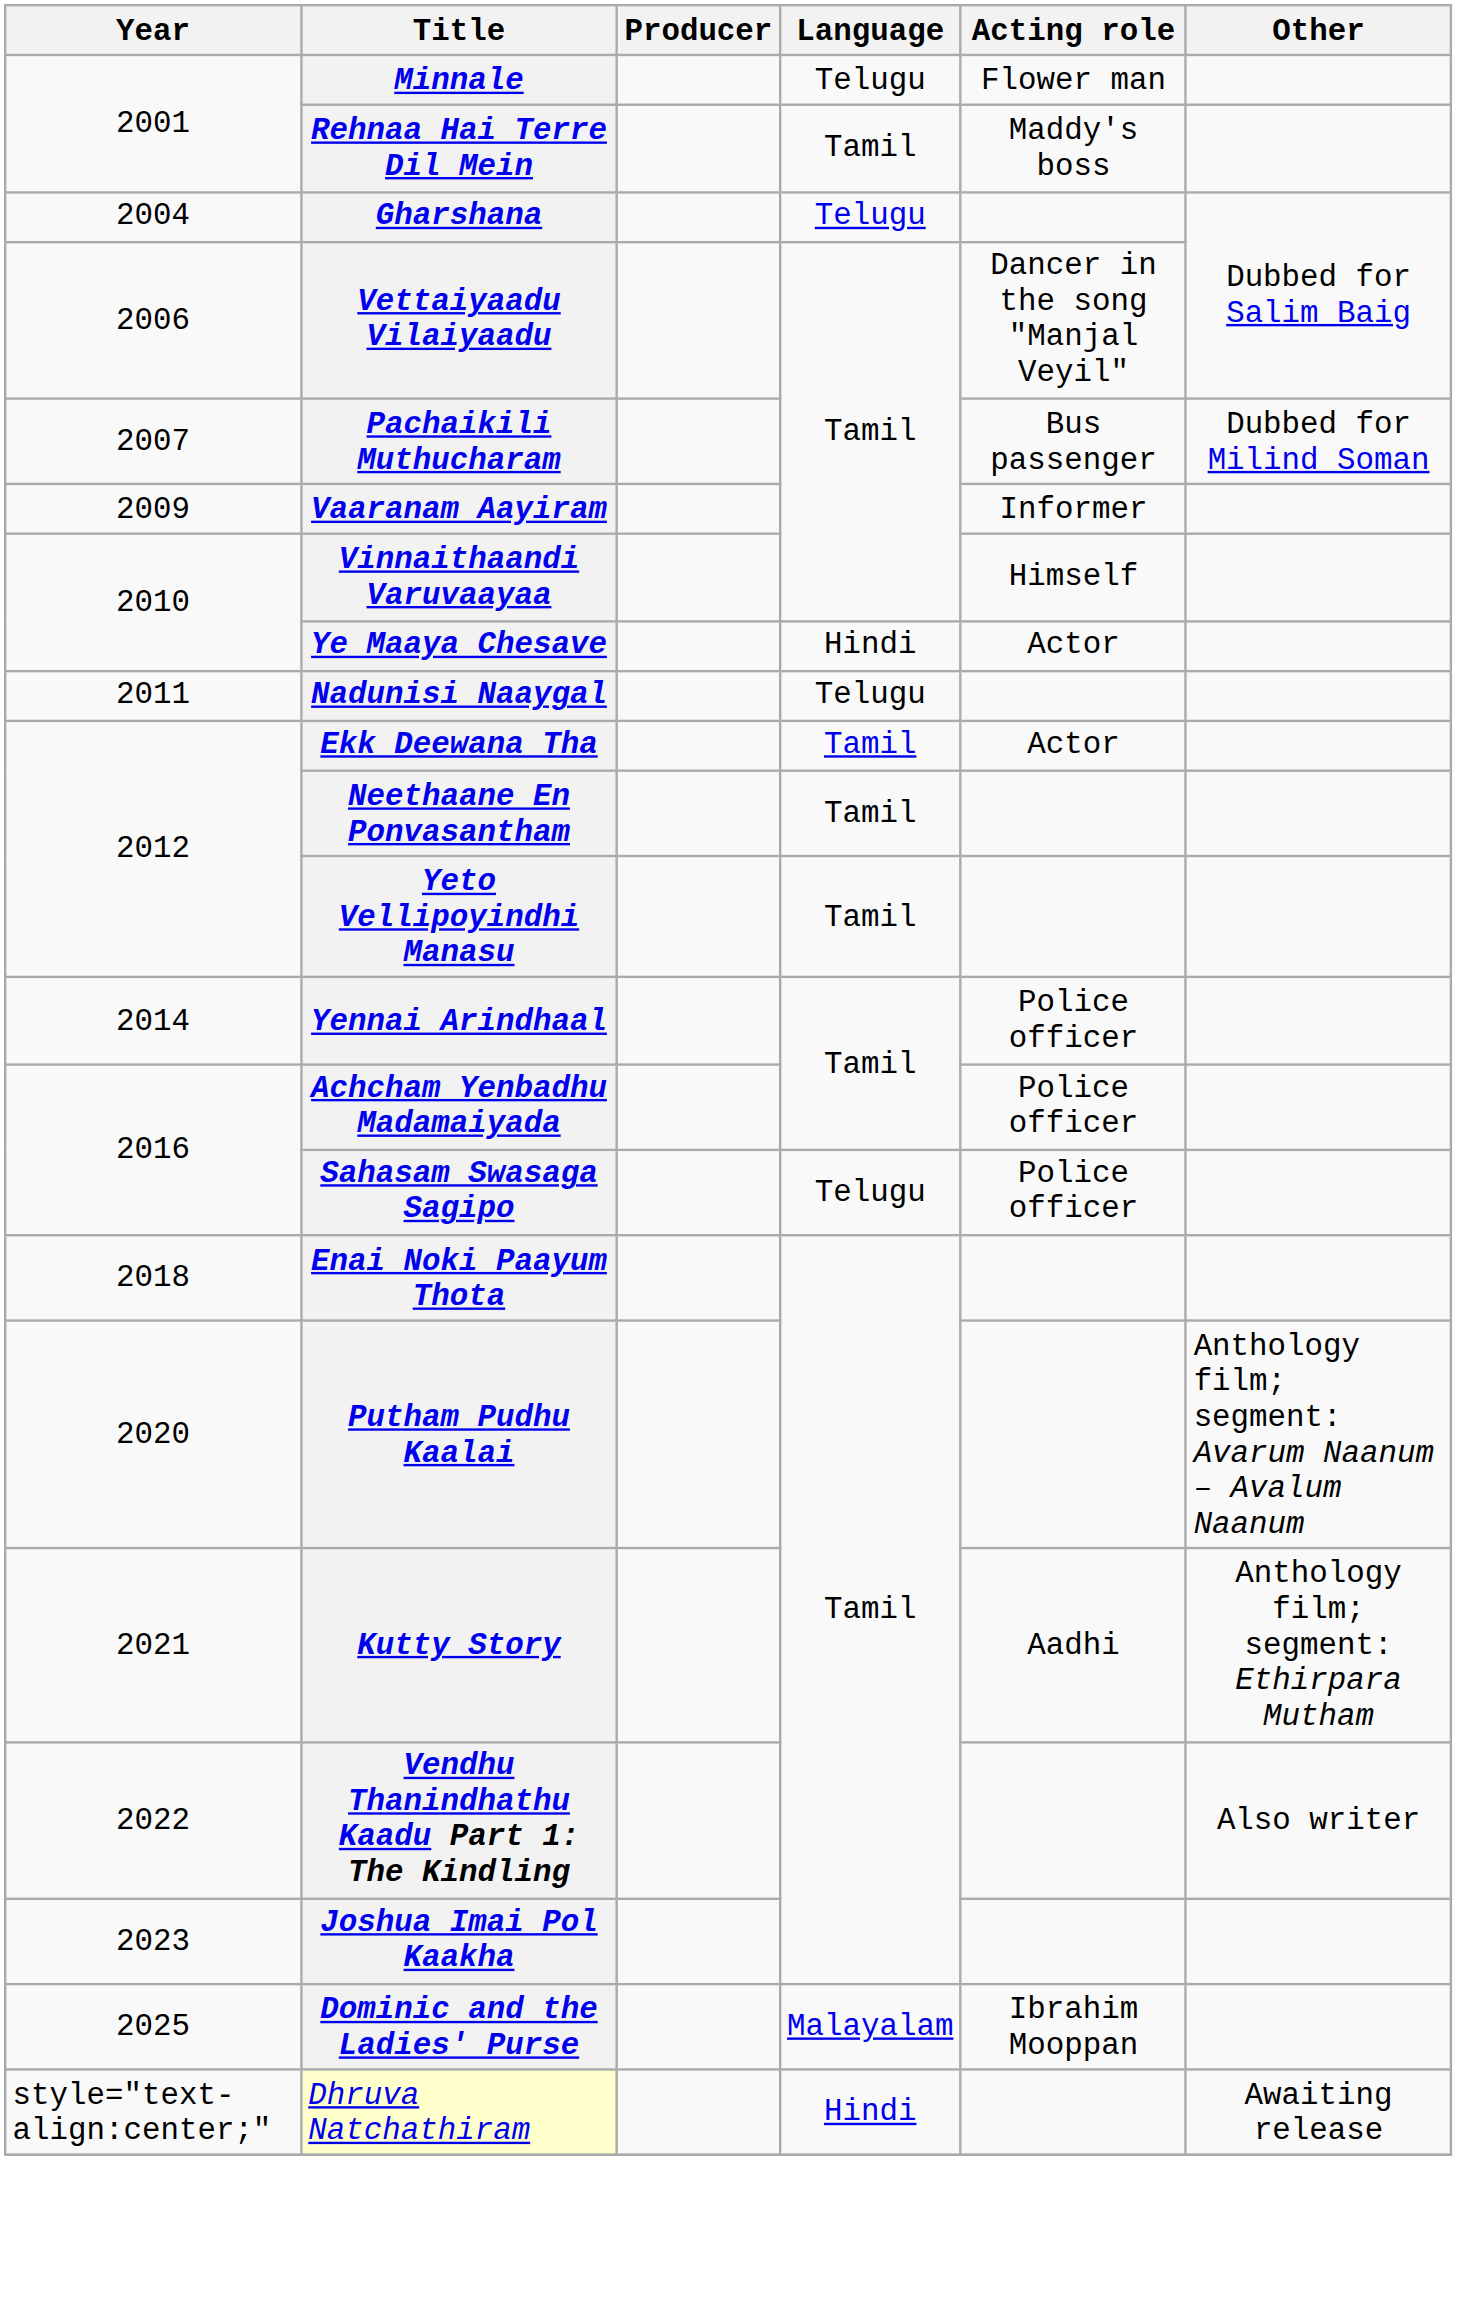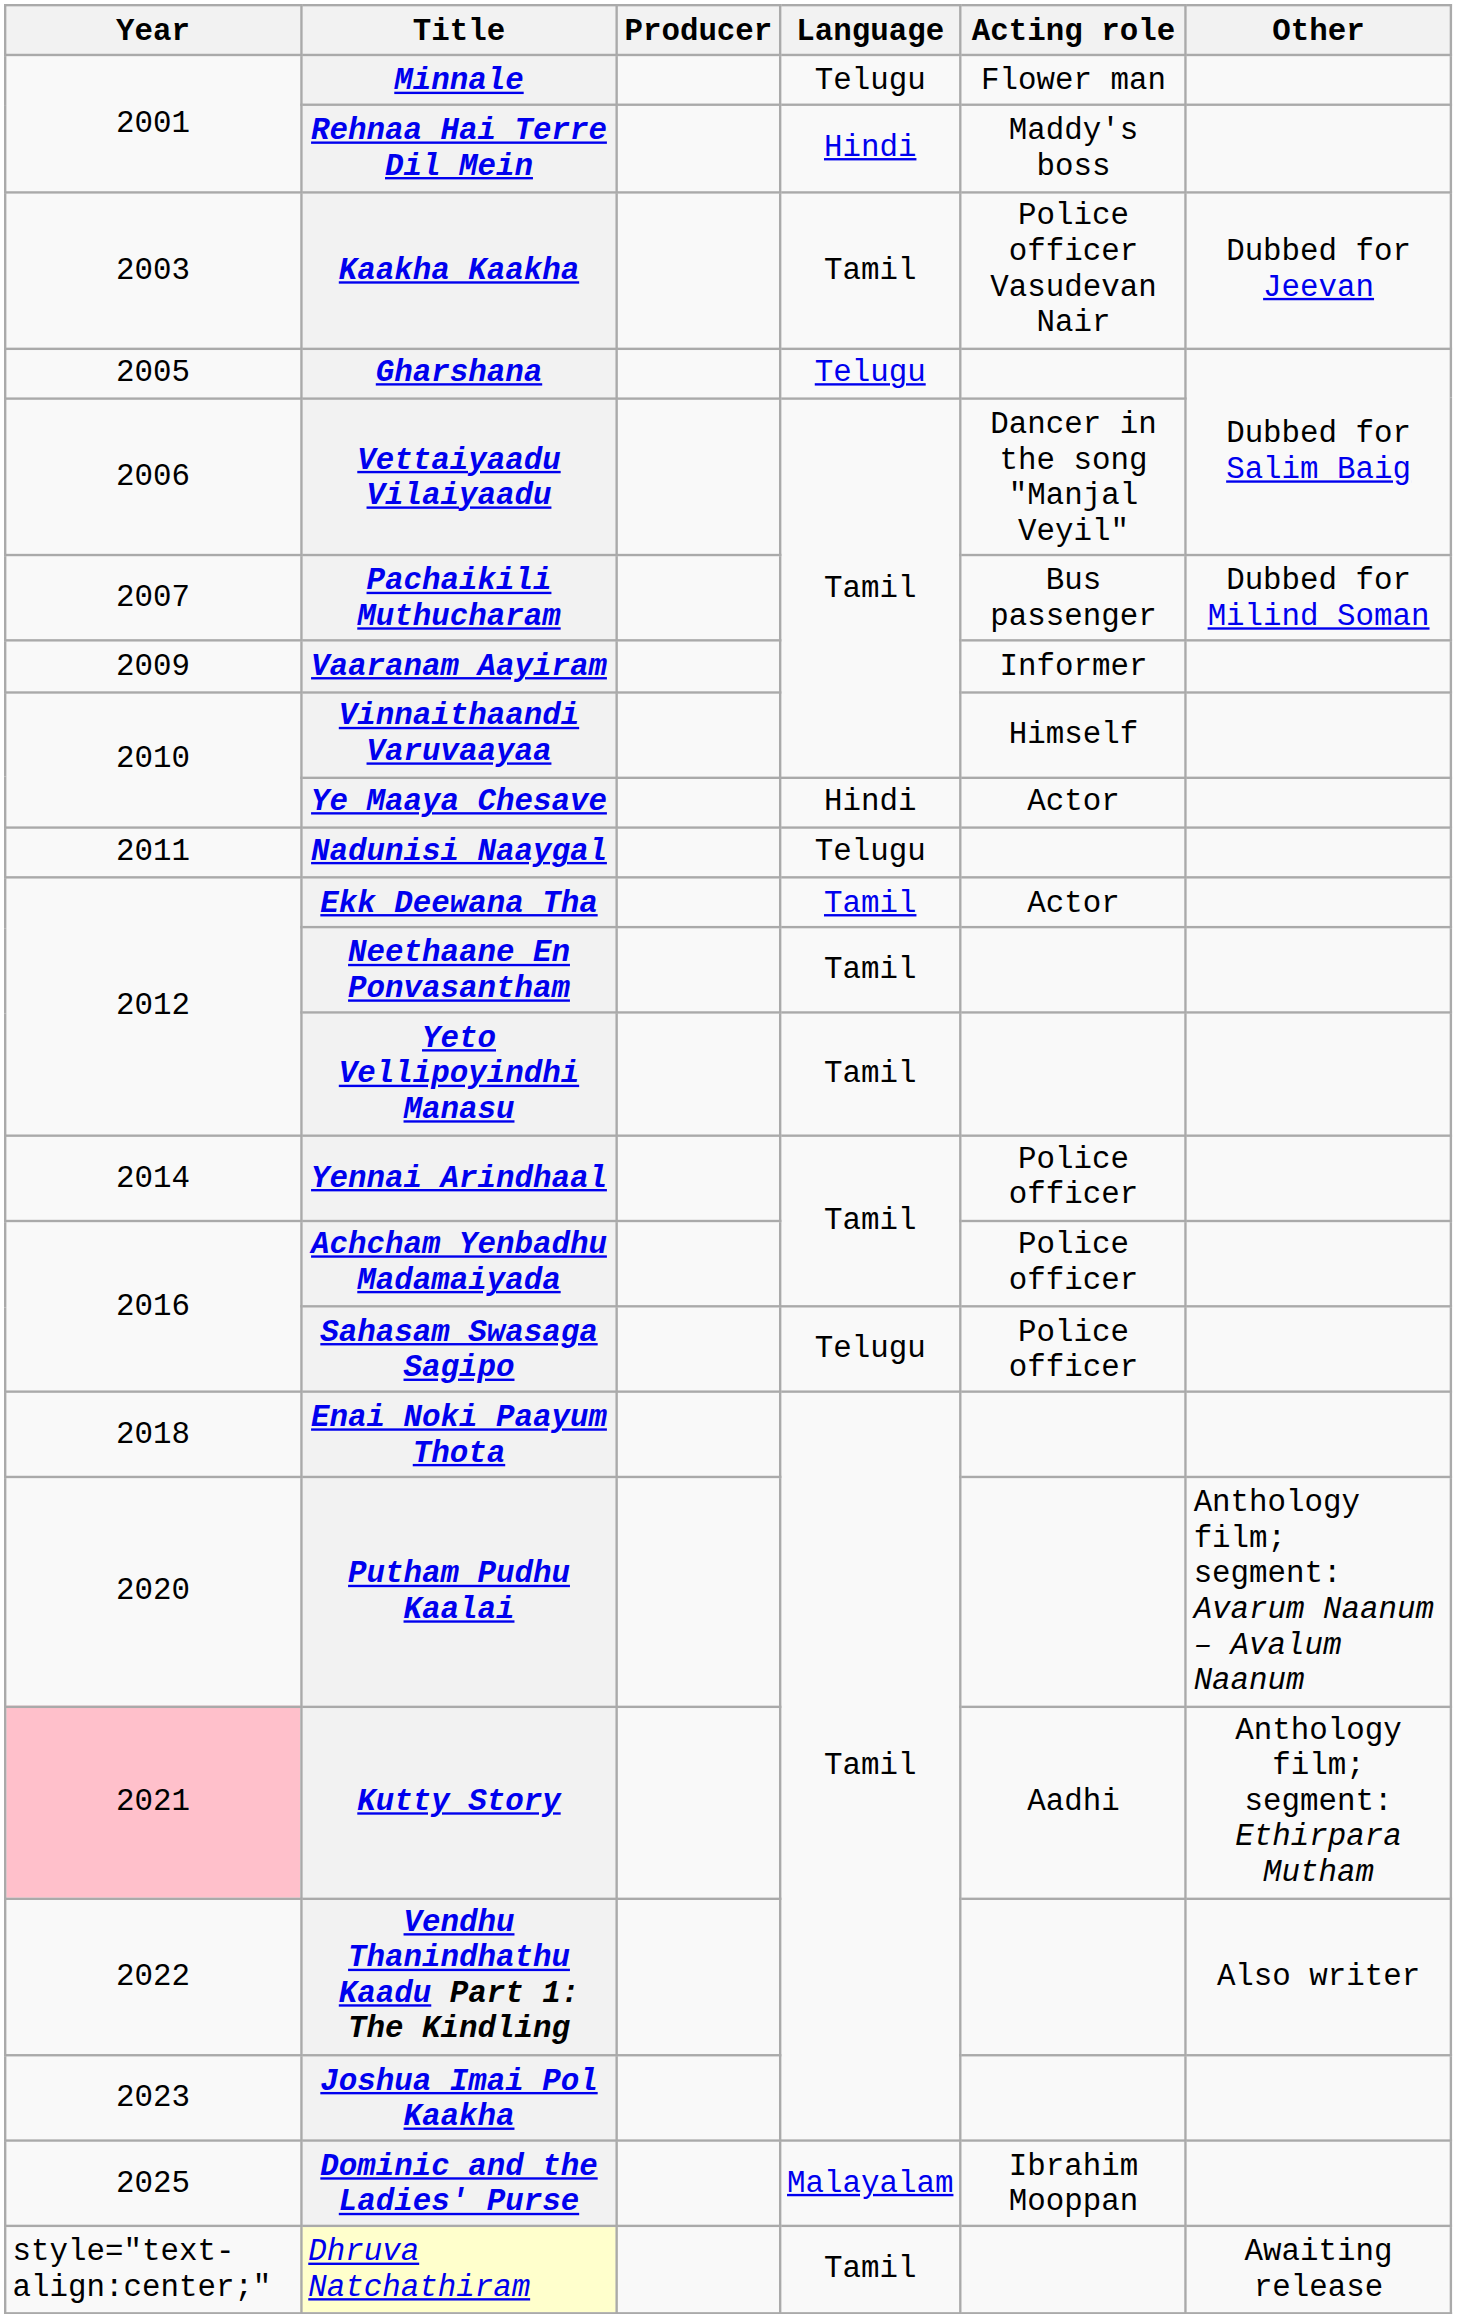 <table class="wikitable plainrowheaders sortable">
 <tr>
 <th scope="col">Year</th>
 <th scope="col">Title</th>
 <th scope="col">Producer</th>
 <th scope="col">Language</th>
 <th scope="col">Acting role</th>
 <th scope="col" class="unsortable">Other</th>
 </tr>
 <tr>
 <td rowspan="2" style="text-align:center;">2001</td>
 <th scope="row"><em><a href='#'>Minnale</a></em></th>
 <td></td>
 <td style="text-align:center;">Telugu</td>
 <td style="text-align:center;">Flower man</td>
 <td></td>
 </tr>
 <tr>
 <th scope="row"><em><a href='#'>Rehnaa Hai Terre Dil Mein</a></em></th>
 <td></td>
-<td style="text-align:center;">Tamil</td>
+<td style="text-align:center;"><a href='#'>Hindi</a></td>
 <td style="text-align:center;">Maddy's boss</td>
 <td></td>
 </tr>
 <tr>
-<td style="text-align:center;">2004</td>
+<td style="text-align:center;">2003</td>
+<th scope="row"><em><a href='#'>Kaakha Kaakha</a></em></th>
+<td></td>
+<td style="text-align:center;">Tamil</td>
+<td style="text-align:center;">Police officer Vasudevan Nair</td>
+<td style="text-align:center;">Dubbed for <a href='#'>Jeevan</a></td>
+</tr>
+<tr>
+<td style="text-align:center;">2005</td>
 <th scope="row"><em><a href='#'>Gharshana</a></em></th>
 <td></td>
 <td style="text-align:center;"><a href='#'>Telugu</a></td>
 <td></td>
 <td rowspan="2" style="text-align:center;">Dubbed for <a href='#'>Salim Baig</a></td>
 </tr>
 <tr>
 <td style="text-align:center;">2006</td>
 <th scope="row"><em><a href='#'>Vettaiyaadu Vilaiyaadu</a></em></th>
 <td></td>
 <td rowspan="4" style="text-align:center;">Tamil</td>
 <td style="text-align:center;">Dancer in the song "Manjal Veyil"</td>
 </tr>
 <tr>
 <td style="text-align:center;">2007</td>
 <th scope="row"><em><a href='#'>Pachaikili Muthucharam</a></em></th>
 <td></td>
 <td style="text-align:center;">Bus passenger</td>
 <td style="text-align:center;">Dubbed for <a href='#'>Milind Soman</a></td>
 </tr>
 <tr>
 <td style="text-align:center;">2009</td>
 <th scope="row"><em><a href='#'>Vaaranam Aayiram</a></em></th>
 <td></td>
 <td style="text-align:center;">Informer</td>
 <td></td>
 </tr>
 <tr>
 <td rowspan="2" style="text-align:center;">2010</td>
 <th scope="row"><em><a href='#'>Vinnaithaandi Varuvaayaa</a></em></th>
 <td></td>
 <td style="text-align:center;">Himself</td>
 <td style="text-align:center;"></td>
 </tr>
 <tr>
 <th scope="row"><em><a href='#'>Ye Maaya Chesave</a></em></th>
 <td></td>
 <td style="text-align:center;">Hindi</td>
 <td style="text-align:center;">Actor</td>
 <td></td>
 </tr>
 <tr>
 <td style="text-align:center;">2011</td>
 <th scope="row"><em><a href='#'>Nadunisi Naaygal</a></em></th>
 <td></td>
 <td style="text-align:center;">Telugu</td>
 <td></td>
 <td></td>
 </tr>
 <tr>
 <td rowspan="3" style="text-align:center;">2012</td>
 <th scope="row"><em><a href='#'>Ekk Deewana Tha</a></em></th>
 <td></td>
 <td style="text-align:center;"><a href='#'>Tamil</a></td>
 <td style="text-align:center;">Actor</td>
 <td></td>
 </tr>
 <tr>
 <th scope="row"><em><a href='#'>Neethaane En Ponvasantham</a></em></th>
 <td></td>
 <td style="text-align:center;">Tamil</td>
 <td></td>
 <td></td>
 </tr>
 <tr>
 <th scope="row"><em><a href='#'>Yeto Vellipoyindhi Manasu</a></em></th>
 <td></td>
 <td style="text-align:center;">Tamil</td>
 <td></td>
 <td></td>
 </tr>
 <tr>
 <td style="text-align:center;">2014</td>
 <th scope="row"><em><a href='#'>Yennai Arindhaal</a></em></th>
 <td></td>
 <td rowspan="2" style="text-align:center;">Tamil</td>
 <td style="text-align:center;">Police officer</td>
 <td></td>
 </tr>
 <tr>
 <td rowspan="2" style="text-align:center;">2016</td>
 <th scope="row"><em><a href='#'>Achcham Yenbadhu Madamaiyada</a></em></th>
 <td></td>
 <td style="text-align:center;">Police officer</td>
 <td></td>
 </tr>
 <tr>
 <th scope="row"><em><a href='#'>Sahasam Swasaga Sagipo</a></em></th>
 <td></td>
 <td style="text-align:center;">Telugu</td>
 <td style="text-align:center;">Police officer</td>
 <td></td>
 </tr>
 <tr>
 <td style="text-align:center;">2018</td>
 <th scope="row"><em><a href='#'>Enai Noki Paayum Thota</a></em></th>
 <td></td>
 <td rowspan="5" style="text-align:center;">Tamil</td>
 <td></td>
 <td></td>
 </tr>
 <tr>
 <td style="text-align:center;">2020</td>
 <th scope="row"><em><a href='#'>Putham Pudhu Kaalai</a></em></th>
 <td></td>
 <td></td>
 <td>Anthology film; segment: <em>Avarum Naanum – Avalum Naanum</em></td>
 </tr>
 <tr>
-<td style="text-align:center;">2021</td>
+<td style="background: pink; text-align:center;">2021</td>
 <th scope="row"><em><a href='#'>Kutty Story</a></em></th>
 <td></td>
 <td style="text-align:center;">Aadhi</td>
 <td style="text-align:center;">Anthology film; segment: <em>Ethirpara Mutham</em></td>
 </tr>
 <tr>
 <td style="text-align:center;">2022</td>
 <th scope="row"><em><a href='#'>Vendhu Thanindhathu Kaadu</a> Part 1: The Kindling</em></th>
 <td></td>
 <td></td>
 <td style="text-align:center;">Also writer</td>
 </tr>
 <tr>
 <td style="text-align:center;">2023</td>
 <th scope="row"><em><a href='#'>Joshua Imai Pol Kaakha</a></em></th>
 <td></td>
 <td></td>
 <td style="text-align:center;"></td>
 </tr>
 <tr>
 <td style="text-align:center;">2025</td>
 <th scope="row"><em><a href='#'>Dominic and the Ladies' Purse</a></em></th>
 <td></td>
 <td style="text-align:center;"><a href='#'>Malayalam</a></td>
 <td style="text-align:center;">Ibrahim Mooppan</td>
 <td style="text-align:center;"></td>
 </tr>
 <tr>
 <td>style="text-align:center;" </td>
 <td scope="row" style="background:#FFFFCC;"><em><a href='#'>Dhruva Natchathiram</a></em> </td>
 <td></td>
-<td style="text-align:center;"><a href='#'>Hindi</a></td>
+<td style="text-align:center;">Tamil</td>
 <td></td>
 <td style="text-align:center;">Awaiting release</td>
 </tr>
 <tr>
 </tr>
 </table>
